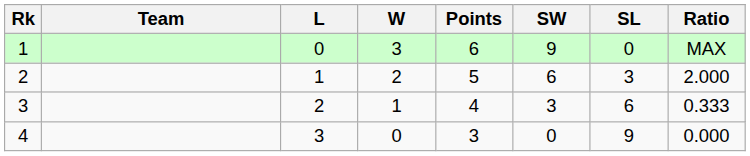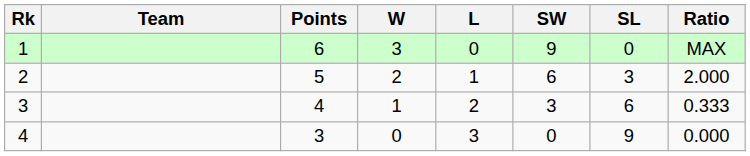 <table class=wikitable style=text-align:center>
 <tr>
 <th width=25>Rk</th>
 <th width=200>Team</th>
+<th width=60>Points</th>
+<th width=60>W</th>
 <th width=60>L</th>
-<th width=60>W</th>
-<th width=60>Points</th>
 <th width=60>SW</th>
 <th width=60>SL</th>
 <th width=60>Ratio</th>
 </tr>
 <tr bgcolor=#ccffcc>
 <td>1</td>
 <td align=left></td>
+<td>6</td>
+<td>3</td>
 <td>0</td>
-<td>3</td>
-<td>6</td>
 <td>9</td>
 <td>0</td>
 <td>MAX</td>
 </tr>
 <tr>
 <td>2</td>
 <td align=left></td>
+<td>5</td>
+<td>2</td>
 <td>1</td>
-<td>2</td>
-<td>5</td>
 <td>6</td>
 <td>3</td>
 <td>2.000</td>
 </tr>
 <tr>
 <td>3</td>
 <td align=left></td>
+<td>4</td>
+<td>1</td>
 <td>2</td>
-<td>1</td>
-<td>4</td>
 <td>3</td>
 <td>6</td>
 <td>0.333</td>
 </tr>
 <tr>
 <td>4</td>
 <td align=left></td>
 <td>3</td>
 <td>0</td>
 <td>3</td>
 <td>0</td>
 <td>9</td>
 <td>0.000</td>
 </tr>
 </table>
